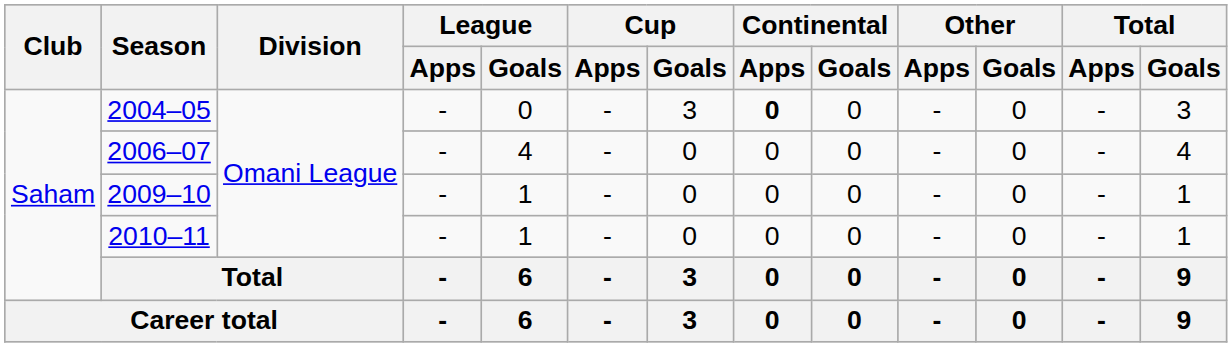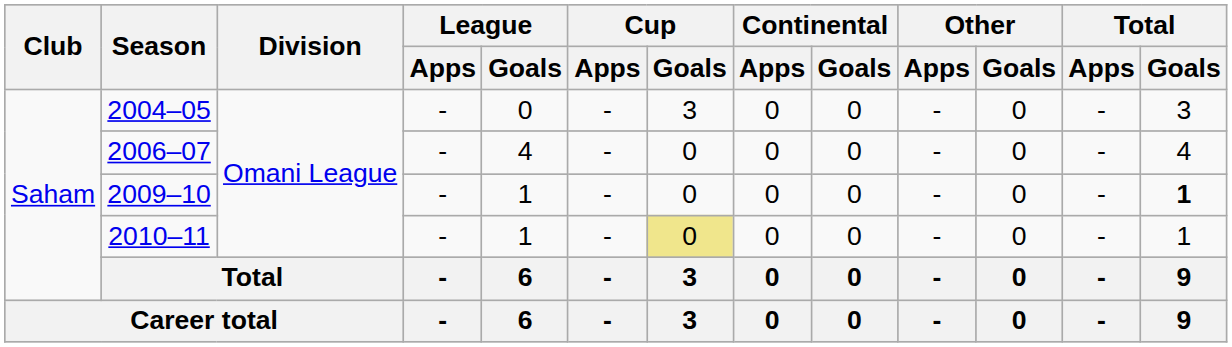 <table class="wikitable" style="text-align: center;">
 <tr>
 <th rowspan="2">Club</th>
 <th rowspan="2">Season</th>
 <th rowspan="2">Division</th>
 <th colspan="2">League</th>
 <th colspan="2">Cup</th>
 <th colspan="2">Continental</th>
 <th colspan="2">Other</th>
 <th colspan="2">Total</th>
 </tr>
 <tr>
 <th>Apps</th>
 <th>Goals</th>
 <th>Apps</th>
 <th>Goals</th>
 <th>Apps</th>
 <th>Goals</th>
 <th>Apps</th>
 <th>Goals</th>
 <th>Apps</th>
 <th>Goals</th>
 </tr>
 <tr>
 <td rowspan="5"><a href='#'>Saham</a></td>
 <td><a href='#'>2004–05</a></td>
 <td rowspan="4"><a href='#'>Omani League</a></td>
 <td>-</td>
 <td>0</td>
 <td>-</td>
 <td>3</td>
-<td><strong>0</strong></td>
+<td>0</td>
 <td>0</td>
 <td>-</td>
 <td>0</td>
 <td>-</td>
 <td>3</td>
 </tr>
 <tr>
 <td><a href='#'>2006–07</a></td>
 <td>-</td>
 <td>4</td>
 <td>-</td>
 <td>0</td>
 <td>0</td>
 <td>0</td>
 <td>-</td>
 <td>0</td>
 <td>-</td>
 <td>4</td>
 </tr>
 <tr>
 <td><a href='#'>2009–10</a></td>
 <td>-</td>
 <td>1</td>
 <td>-</td>
 <td>0</td>
 <td>0</td>
 <td>0</td>
 <td>-</td>
 <td>0</td>
 <td>-</td>
-<td>1</td>
+<td><strong>1</strong></td>
 </tr>
 <tr>
 <td><a href='#'>2010–11</a></td>
 <td>-</td>
 <td>1</td>
 <td>-</td>
-<td>0</td>
+<td style="background: khaki;">0</td>
 <td>0</td>
 <td>0</td>
 <td>-</td>
 <td>0</td>
 <td>-</td>
 <td>1</td>
 </tr>
 <tr>
 <th colspan="2">Total</th>
 <th>-</th>
 <th>6</th>
 <th>-</th>
 <th>3</th>
 <th>0</th>
 <th>0</th>
 <th>-</th>
 <th>0</th>
 <th>-</th>
 <th>9</th>
 </tr>
 <tr>
 <th colspan="3">Career total</th>
 <th>-</th>
 <th>6</th>
 <th>-</th>
 <th>3</th>
 <th>0</th>
 <th>0</th>
 <th>-</th>
 <th>0</th>
 <th>-</th>
 <th>9</th>
 </tr>
 </table>
